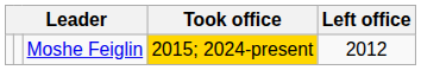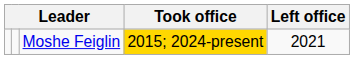 <table class="wikitable" style="text-align: center;">
 <tr>
 <th colspan="3">Leader</th>
 <th>Took office</th>
 <th>Left office</th>
 </tr>
 <tr>
 <td style="background: "></td>
 <td></td>
 <td><a href='#'>Moshe Feiglin</a></td>
 <td style="background: gold;">2015; 2024-present</td>
-<td>2012</td>
+<td>2021</td>
 </tr>
 </table>
